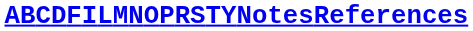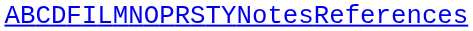 <table id="toc" class="toc" summary="Class" align="center" style="text-align:center;">
 <tr>
 <th></th>
 </tr>
 <tr>
-<td><strong><a href='#'>A</a><a href='#'>B</a><a href='#'>C</a><a href='#'>D</a><a href='#'>F</a><a href='#'>I</a><a href='#'>L</a><a href='#'>M</a><a href='#'>N</a><a href='#'>O</a><a href='#'>P</a><a href='#'>R</a><a href='#'>S</a><a href='#'>T</a><a href='#'>Y</a><a href='#'>Notes</a><a href='#'>References</a></strong></td>
+<td><a href='#'>A</a><a href='#'>B</a><a href='#'>C</a><a href='#'>D</a><a href='#'>F</a><a href='#'>I</a><a href='#'>L</a><a href='#'>M</a><a href='#'>N</a><a href='#'>O</a><a href='#'>P</a><a href='#'>R</a><a href='#'>S</a><a href='#'>T</a><a href='#'>Y</a><a href='#'>Notes</a><a href='#'>References</a></td>
 </tr>
 </table>
